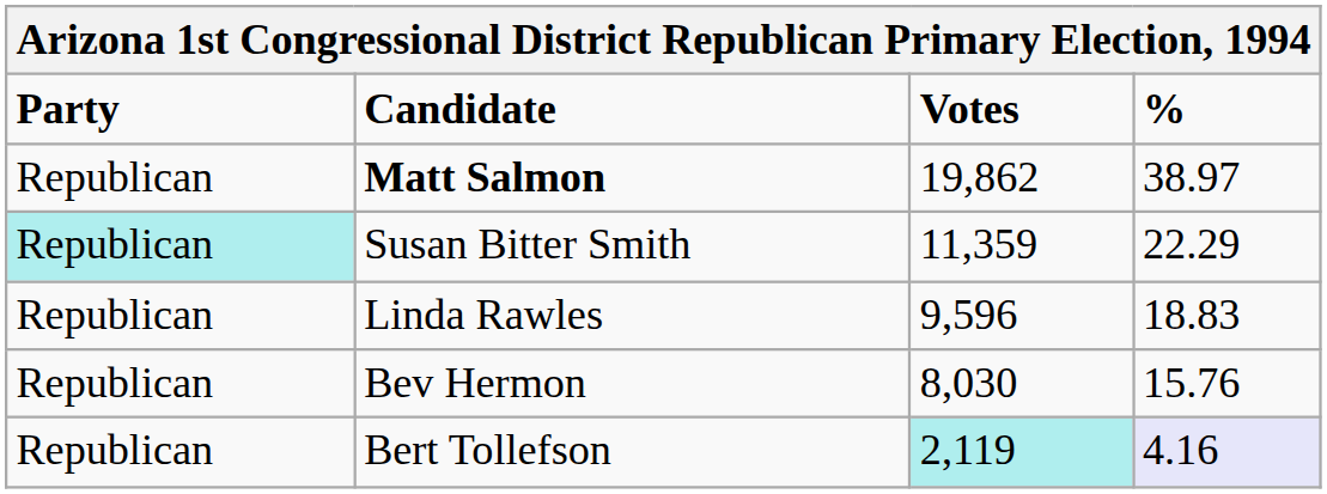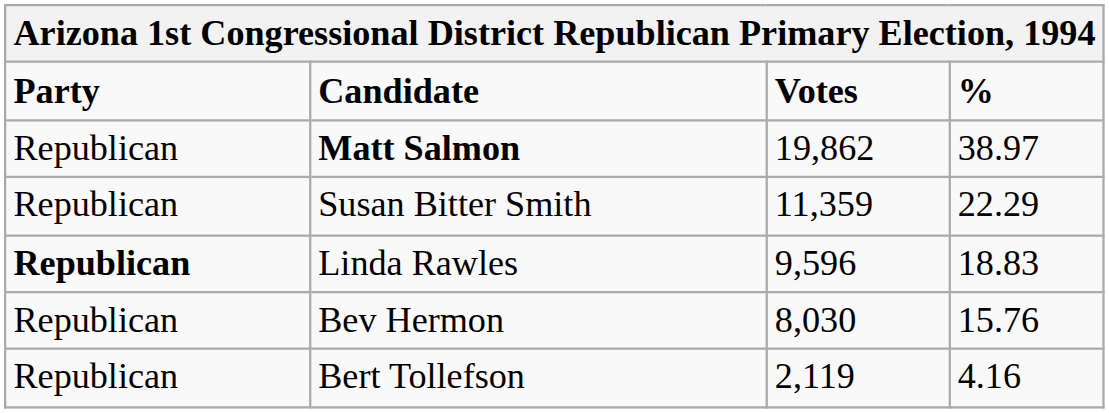 <table class="wikitable">
 <tr>
 <th colspan="4">Arizona 1st Congressional District Republican Primary Election, 1994</th>
 </tr>
 <tr>
 <td><strong>Party</strong></td>
 <td><strong>Candidate</strong></td>
 <td><strong>Votes</strong></td>
 <td><strong>%</strong></td>
 </tr>
 <tr>
 <td>Republican</td>
 <td><strong>Matt Salmon</strong></td>
 <td>19,862</td>
 <td>38.97</td>
 </tr>
 <tr>
-<td style="background: paleturquoise;">Republican</td>
+<td>Republican</td>
 <td>Susan Bitter Smith</td>
 <td>11,359</td>
 <td>22.29</td>
 </tr>
 <tr>
-<td>Republican</td>
+<td><strong>Republican</strong></td>
 <td>Linda Rawles</td>
 <td>9,596</td>
 <td>18.83</td>
 </tr>
 <tr>
 <td>Republican</td>
 <td>Bev Hermon</td>
 <td>8,030</td>
 <td>15.76</td>
 </tr>
 <tr>
 <td>Republican</td>
 <td>Bert Tollefson</td>
-<td style="background: paleturquoise;">2,119</td>
-<td style="background: lavender;">4.16</td>
+<td>2,119</td>
+<td>4.16</td>
 </tr>
 </table>
